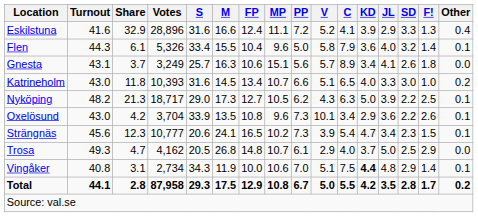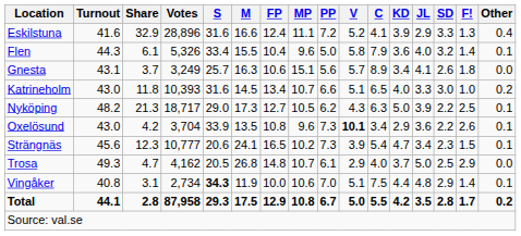 <table class="wikitable sortable" style=text-align:right>
 <tr>
 <th>Location</th>
 <th>Turnout</th>
 <th>Share</th>
 <th>Votes</th>
 <th><a href='#'>S</a></th>
 <th><a href='#'>M</a></th>
 <th><a href='#'>FP</a></th>
 <th><a href='#'>MP</a></th>
 <th><a href='#'>PP</a></th>
 <th><a href='#'>V</a></th>
 <th><a href='#'>C</a></th>
 <th><a href='#'>KD</a></th>
 <th><a href='#'>JL</a></th>
 <th><a href='#'>SD</a></th>
 <th><a href='#'>F!</a></th>
 <th>Other</th>
 </tr>
 <tr>
 <td align=left><a href='#'>Eskilstuna</a></td>
 <td>41.6</td>
 <td>32.9</td>
 <td>28,896</td>
 <td>31.6</td>
 <td>16.6</td>
 <td>12.4</td>
 <td>11.1</td>
 <td>7.2</td>
 <td>5.2</td>
 <td>4.1</td>
 <td>3.9</td>
 <td>2.9</td>
 <td>3.3</td>
 <td>1.3</td>
 <td>0.4</td>
 </tr>
 <tr>
 <td align=left><a href='#'>Flen</a></td>
 <td>44.3</td>
 <td>6.1</td>
 <td>5,326</td>
 <td>33.4</td>
 <td>15.5</td>
 <td>10.4</td>
 <td>9.6</td>
 <td>5.0</td>
 <td>5.8</td>
 <td>7.9</td>
 <td>3.6</td>
 <td>4.0</td>
 <td>3.2</td>
 <td>1.4</td>
 <td>0.1</td>
 </tr>
 <tr>
 <td align=left><a href='#'>Gnesta</a></td>
 <td>43.1</td>
 <td>3.7</td>
 <td>3,249</td>
 <td>25.7</td>
 <td>16.3</td>
 <td>10.6</td>
 <td>15.1</td>
 <td>5.6</td>
 <td>5.7</td>
 <td>8.9</td>
 <td>3.4</td>
 <td>4.1</td>
 <td>2.6</td>
 <td>1.8</td>
 <td>0.0</td>
 </tr>
 <tr>
 <td align=left><a href='#'>Katrineholm</a></td>
 <td>43.0</td>
 <td>11.8</td>
 <td>10,393</td>
 <td>31.6</td>
 <td>14.5</td>
 <td>13.4</td>
 <td>10.7</td>
 <td>6.6</td>
 <td>5.1</td>
 <td>6.5</td>
 <td>4.0</td>
 <td>3.3</td>
 <td>3.0</td>
 <td>1.0</td>
 <td>0.2</td>
 </tr>
 <tr>
 <td align=left><a href='#'>Nyköping</a></td>
 <td>48.2</td>
 <td>21.3</td>
 <td>18,717</td>
 <td>29.0</td>
 <td>17.3</td>
 <td>12.7</td>
 <td>10.5</td>
 <td>6.2</td>
 <td>4.3</td>
 <td>6.3</td>
 <td>5.0</td>
 <td>3.9</td>
 <td>2.2</td>
 <td>2.5</td>
 <td>0.1</td>
 </tr>
 <tr>
 <td align=left><a href='#'>Oxelösund</a></td>
 <td>43.0</td>
 <td>4.2</td>
 <td>3,704</td>
 <td>33.9</td>
 <td>13.5</td>
 <td>10.8</td>
 <td>9.6</td>
 <td>7.3</td>
-<td>10.1</td>
+<td><strong>10.1</strong></td>
 <td>3.4</td>
 <td>2.9</td>
 <td>3.6</td>
 <td>2.2</td>
 <td>2.6</td>
 <td>0.1</td>
 </tr>
 <tr>
 <td align=left><a href='#'>Strängnäs</a></td>
 <td>45.6</td>
 <td>12.3</td>
 <td>10,777</td>
 <td>20.6</td>
 <td>24.1</td>
 <td>16.5</td>
 <td>10.2</td>
 <td>7.3</td>
 <td>3.9</td>
 <td>5.4</td>
 <td>4.7</td>
 <td>3.4</td>
 <td>2.3</td>
 <td>1.5</td>
 <td>0.1</td>
 </tr>
 <tr>
 <td align=left><a href='#'>Trosa</a></td>
 <td>49.3</td>
 <td>4.7</td>
 <td>4,162</td>
 <td>20.5</td>
 <td>26.8</td>
 <td>14.8</td>
 <td>10.7</td>
 <td>6.1</td>
 <td>2.9</td>
 <td>4.0</td>
 <td>3.7</td>
 <td>5.0</td>
 <td>2.5</td>
 <td>2.9</td>
 <td>0.0</td>
 </tr>
 <tr>
 <td align=left><a href='#'>Vingåker</a></td>
 <td>40.8</td>
 <td>3.1</td>
 <td>2,734</td>
-<td>34.3</td>
+<td><strong>34.3</strong></td>
 <td>11.9</td>
 <td>10.0</td>
 <td>10.6</td>
 <td>7.0</td>
 <td>5.1</td>
 <td>7.5</td>
-<td><strong>4.4</strong></td>
+<td>4.4</td>
 <td>4.8</td>
 <td>2.9</td>
 <td>1.4</td>
 <td>0.1</td>
 </tr>
 <tr>
 <td align=left><strong>Total</strong></td>
 <td><strong>44.1</strong></td>
 <td><strong>2.8</strong></td>
 <td><strong>87,958</strong></td>
 <td><strong>29.3</strong></td>
 <td><strong>17.5</strong></td>
 <td><strong>12.9</strong></td>
 <td><strong>10.8</strong></td>
 <td><strong>6.7</strong></td>
 <td><strong>5.0</strong></td>
 <td><strong>5.5</strong></td>
 <td><strong>4.2</strong></td>
 <td><strong>3.5</strong></td>
 <td><strong>2.8</strong></td>
 <td><strong>1.7</strong></td>
 <td><strong>0.2</strong></td>
 </tr>
 <tr>
 <td align=left colspan=16>Source: val.se </td>
 </tr>
 </table>
